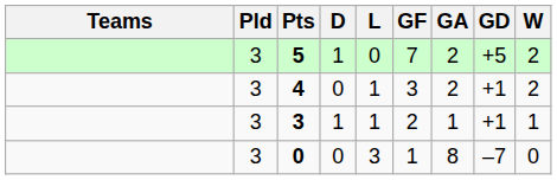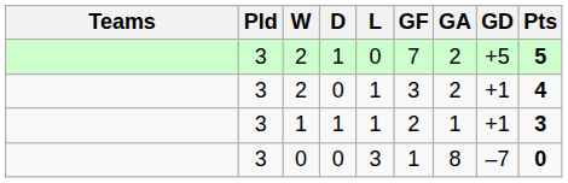 <table class="wikitable" style="text-align: center;">
 <tr>
 <th width=165>Teams</th>
 <th width=20>Pld</th>
-<th width=20>Pts</th>
+<th width=20>W</th>
 <th width=20>D</th>
 <th width=20>L</th>
 <th width=20>GF</th>
 <th width=20>GA</th>
 <th width=20>GD</th>
-<th width=20>W</th>
+<th width=20>Pts</th>
 </tr>
 <tr align=center style="background:#ccffcc;">
 <td style="text-align:left;"></td>
 <td>3</td>
-<td><strong>5</strong></td>
+<td>2</td>
 <td>1</td>
 <td>0</td>
 <td>7</td>
 <td>2</td>
 <td>+5</td>
-<td>2</td>
+<td><strong>5</strong></td>
 </tr>
 <tr align=center>
 <td style="text-align:left;"></td>
 <td>3</td>
-<td><strong>4</strong></td>
+<td>2</td>
 <td>0</td>
 <td>1</td>
 <td>3</td>
 <td>2</td>
 <td>+1</td>
-<td>2</td>
+<td><strong>4</strong></td>
 </tr>
 <tr align=center>
 <td style="text-align:left;"></td>
 <td>3</td>
-<td><strong>3</strong></td>
+<td>1</td>
 <td>1</td>
 <td>1</td>
 <td>2</td>
 <td>1</td>
 <td>+1</td>
-<td>1</td>
+<td><strong>3</strong></td>
 </tr>
 <tr align=center>
 <td style="text-align:left;"></td>
 <td>3</td>
-<td><strong>0</strong></td>
+<td>0</td>
 <td>0</td>
 <td>3</td>
 <td>1</td>
 <td>8</td>
 <td>–7</td>
-<td>0</td>
+<td><strong>0</strong></td>
 </tr>
 </table>
